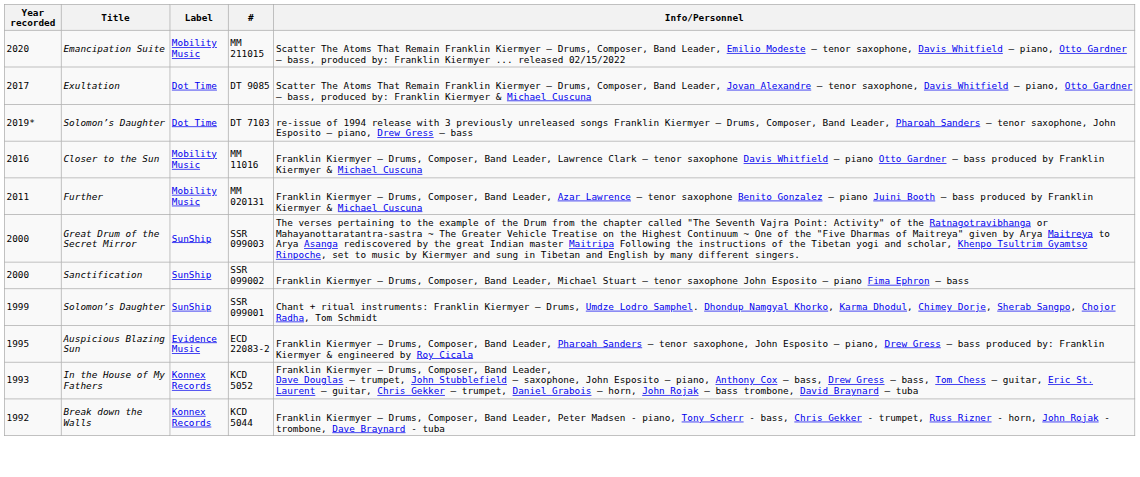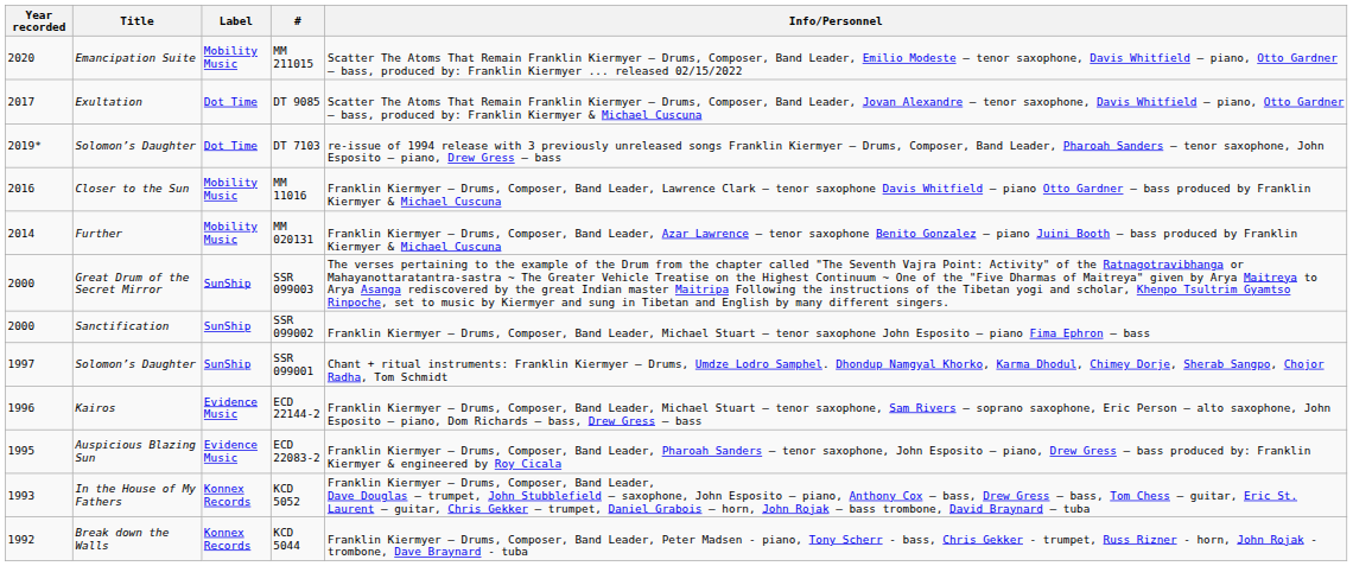 <table class="wikitable sortable">
 <tr>
 <th>Year recorded</th>
 <th>Title</th>
 <th>Label</th>
 <th>#</th>
 <th>Info/Personnel</th>
 </tr>
 <tr>
 <td>2020</td>
 <td><em>Emancipation Suite</em></td>
 <td><a href='#'>Mobility Music</a></td>
 <td>MM 211015</td>
 <td><br>Scatter The Atoms That Remain Franklin Kiermyer – Drums, Composer, Band Leader, <a href='#'>Emilio Modeste</a> – tenor saxophone,  <a href='#'>Davis Whitfield</a> – piano,  <a href='#'>Otto Gardner</a> – bass,  produced by: Franklin Kiermyer ... released 02/15/2022</td>
 </tr>
 <tr>
 <td>2017</td>
 <td><em>Exultation</em></td>
 <td><a href='#'>Dot Time</a></td>
 <td>DT 9085</td>
 <td><br>Scatter The Atoms That Remain Franklin Kiermyer – Drums, Composer, Band Leader, <a href='#'>Jovan Alexandre</a> – tenor saxophone,  <a href='#'>Davis Whitfield</a> – piano,  <a href='#'>Otto Gardner</a> – bass,  produced by: Franklin Kiermyer & <a href='#'>Michael Cuscuna</a></td>
 </tr>
 <tr>
 <td>2019*</td>
 <td><em>Solomon’s Daughter</em></td>
 <td><a href='#'>Dot Time</a></td>
 <td>DT 7103</td>
 <td><br>re-issue of 1994 release with 3 previously unreleased songs Franklin Kiermyer – Drums, Composer, Band Leader, <a href='#'>Pharoah Sanders</a> – tenor saxophone,  John Esposito – piano,  <a href='#'>Drew Gress</a> – bass</td>
 </tr>
 <tr>
 <td>2016</td>
 <td><em>Closer to the Sun</em></td>
 <td><a href='#'>Mobility Music</a></td>
 <td>MM 11016</td>
 <td><br>Franklin Kiermyer – Drums, Composer, Band Leader, Lawrence Clark – tenor saxophone <a href='#'>Davis Whitfield</a> – piano <a href='#'>Otto Gardner</a> – bass produced by Franklin Kiermyer & <a href='#'>Michael Cuscuna</a></td>
 </tr>
 <tr>
-<td>2011</td>
+<td>2014</td>
 <td><em>Further</em></td>
 <td><a href='#'>Mobility Music</a></td>
 <td>MM 020131</td>
 <td><br>Franklin Kiermyer – Drums, Composer, Band Leader, <a href='#'>Azar Lawrence</a> – tenor saxophone <a href='#'>Benito Gonzalez</a> – piano <a href='#'>Juini Booth</a> – bass produced by Franklin Kiermyer & <a href='#'>Michael Cuscuna</a></td>
 </tr>
 <tr>
 <td>2000</td>
 <td><em>Great Drum of the Secret Mirror</em></td>
 <td><a href='#'>SunShip</a></td>
 <td>SSR 099003</td>
 <td>The verses pertaining to the example of the Drum from the chapter called "The Seventh Vajra Point: Activity" of the <a href='#'>Ratnagotravibhanga</a> or Mahayanottaratantra-sastra ~ The Greater Vehicle Treatise on the Highest Continuum ~ One of the "Five Dharmas of Maitreya" given by Arya <a href='#'>Maitreya</a> to Arya <a href='#'>Asanga</a> rediscovered by the great Indian master <a href='#'>Maitripa</a> Following the instructions of the Tibetan yogi and scholar, <a href='#'>Khenpo Tsultrim Gyamtso Rinpoche</a>, set to music by Kiermyer and sung in Tibetan and English by many different singers.</td>
 </tr>
 <tr>
 <td>2000</td>
 <td><em>Sanctification</em></td>
 <td><a href='#'>SunShip</a></td>
 <td>SSR 099002</td>
 <td><br>Franklin Kiermyer – Drums, Composer, Band Leader, Michael Stuart – tenor saxophone John Esposito – piano <a href='#'>Fima Ephron</a> – bass</td>
 </tr>
 <tr>
-<td>1999</td>
+<td>1997</td>
 <td><em>Solomon’s Daughter</em></td>
 <td><a href='#'>SunShip</a></td>
 <td>SSR 099001</td>
 <td><br>Chant + ritual instruments: Franklin Kiermyer – Drums, <a href='#'>Umdze Lodro Samphel</a>.  <a href='#'>Dhondup Namgyal Khorko</a>,  <a href='#'>Karma Dhodul</a>,  <a href='#'>Chimey Dorje</a>,  <a href='#'>Sherab Sangpo</a>,  <a href='#'>Chojor Radha</a>,  Tom Schmidt</td>
+</tr>
+<tr>
+<td>1996</td>
+<td><em>Kairos</em></td>
+<td><a href='#'>Evidence Music</a></td>
+<td>ECD 22144-2</td>
+<td><br>Franklin Kiermyer – Drums, Composer, Band Leader, Michael Stuart – tenor saxophone,  <a href='#'>Sam Rivers</a> – soprano saxophone,  Eric Person – alto saxophone,  John Esposito – piano,  Dom Richards – bass,  <a href='#'>Drew Gress</a> – bass</td>
 </tr>
 <tr>
 <td>1995</td>
 <td><em>Auspicious Blazing Sun</em></td>
 <td><a href='#'>Evidence Music</a></td>
 <td>ECD 22083-2</td>
 <td><br>Franklin Kiermyer – Drums, Composer, Band Leader, <a href='#'>Pharoah Sanders</a> – tenor saxophone,  John Esposito – piano,  <a href='#'>Drew Gress</a> – bass produced by: Franklin Kiermyer & engineered by <a href='#'>Roy Cicala</a></td>
 </tr>
 <tr>
 <td>1993</td>
 <td><em>In the House of My Fathers</em></td>
 <td><a href='#'>Konnex Records</a></td>
 <td>KCD 5052</td>
 <td>Franklin Kiermyer – Drums, Composer, Band Leader,<br><a href='#'>Dave Douglas</a> – trumpet, <a href='#'>John Stubblefield</a> – saxophone, John Esposito – piano, <a href='#'>Anthony Cox</a> – bass, <a href='#'>Drew Gress</a> – bass, <a href='#'>Tom Chess</a> – guitar, <a href='#'>Eric St. Laurent</a> – guitar, <a href='#'>Chris Gekker</a> – trumpet, <a href='#'>Daniel Grabois</a> – horn, <a href='#'>John Rojak</a> – bass trombone, <a href='#'>David Braynard</a> – tuba</td>
 </tr>
 <tr>
 <td>1992</td>
 <td><em>Break down the Walls</em></td>
 <td><a href='#'>Konnex Records</a></td>
 <td>KCD 5044</td>
 <td><br>Franklin Kiermyer – Drums, Composer, Band Leader, Peter Madsen - piano,  <a href='#'>Tony Scherr</a> - bass,  <a href='#'>Chris Gekker</a> - trumpet,  <a href='#'>Russ Rizner</a> - horn,  <a href='#'>John Rojak</a> - trombone,  <a href='#'>Dave Braynard</a> - tuba</td>
 </tr>
 </table>
